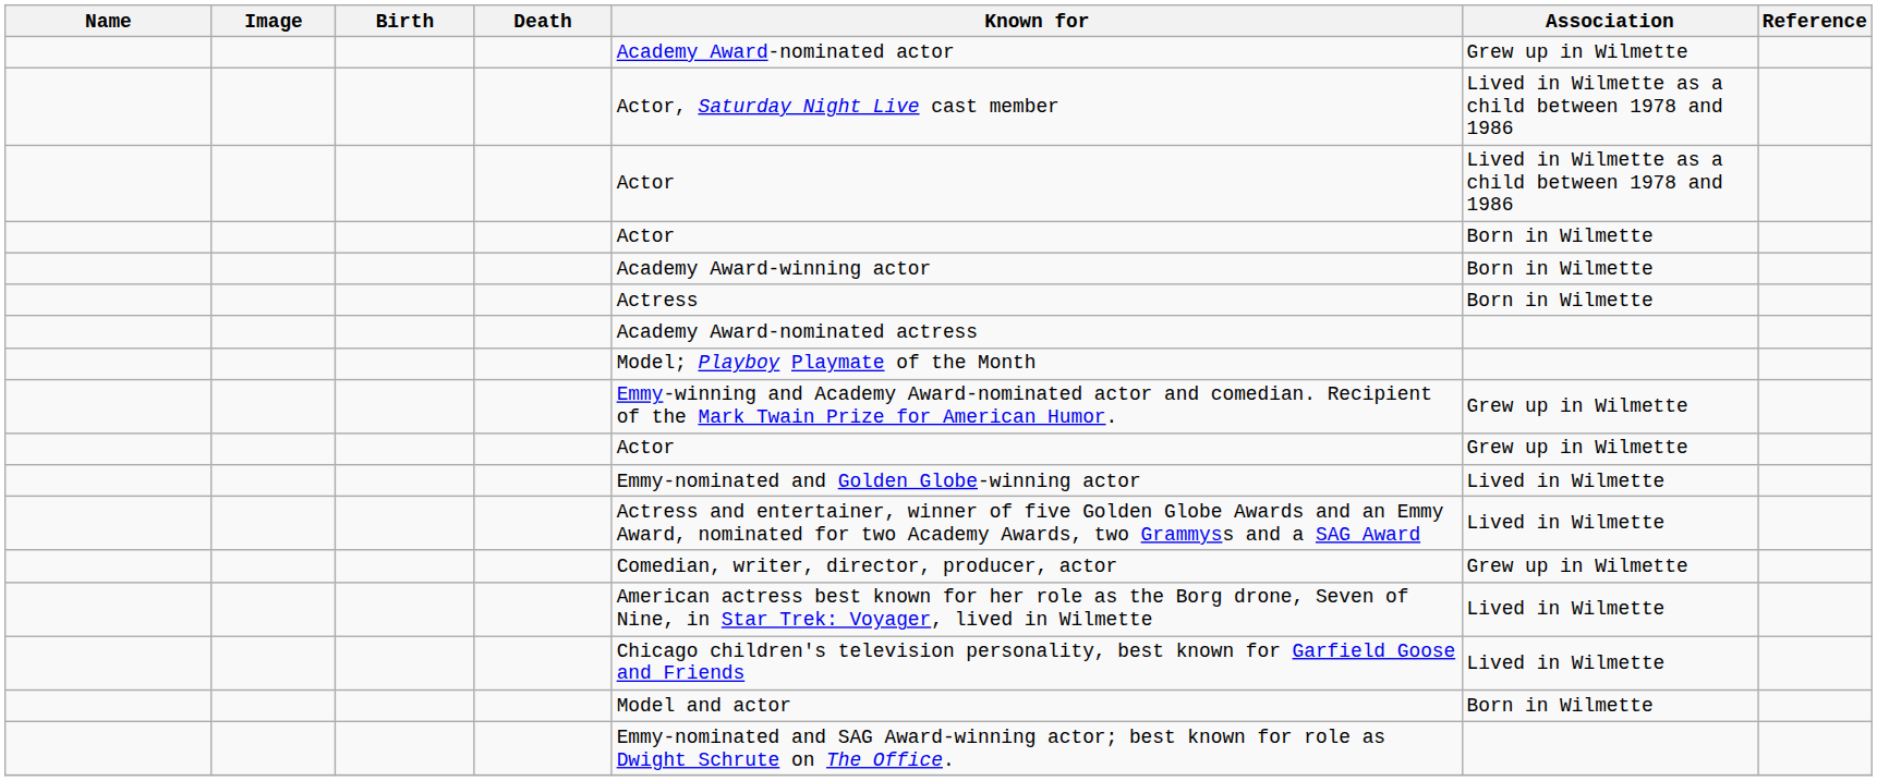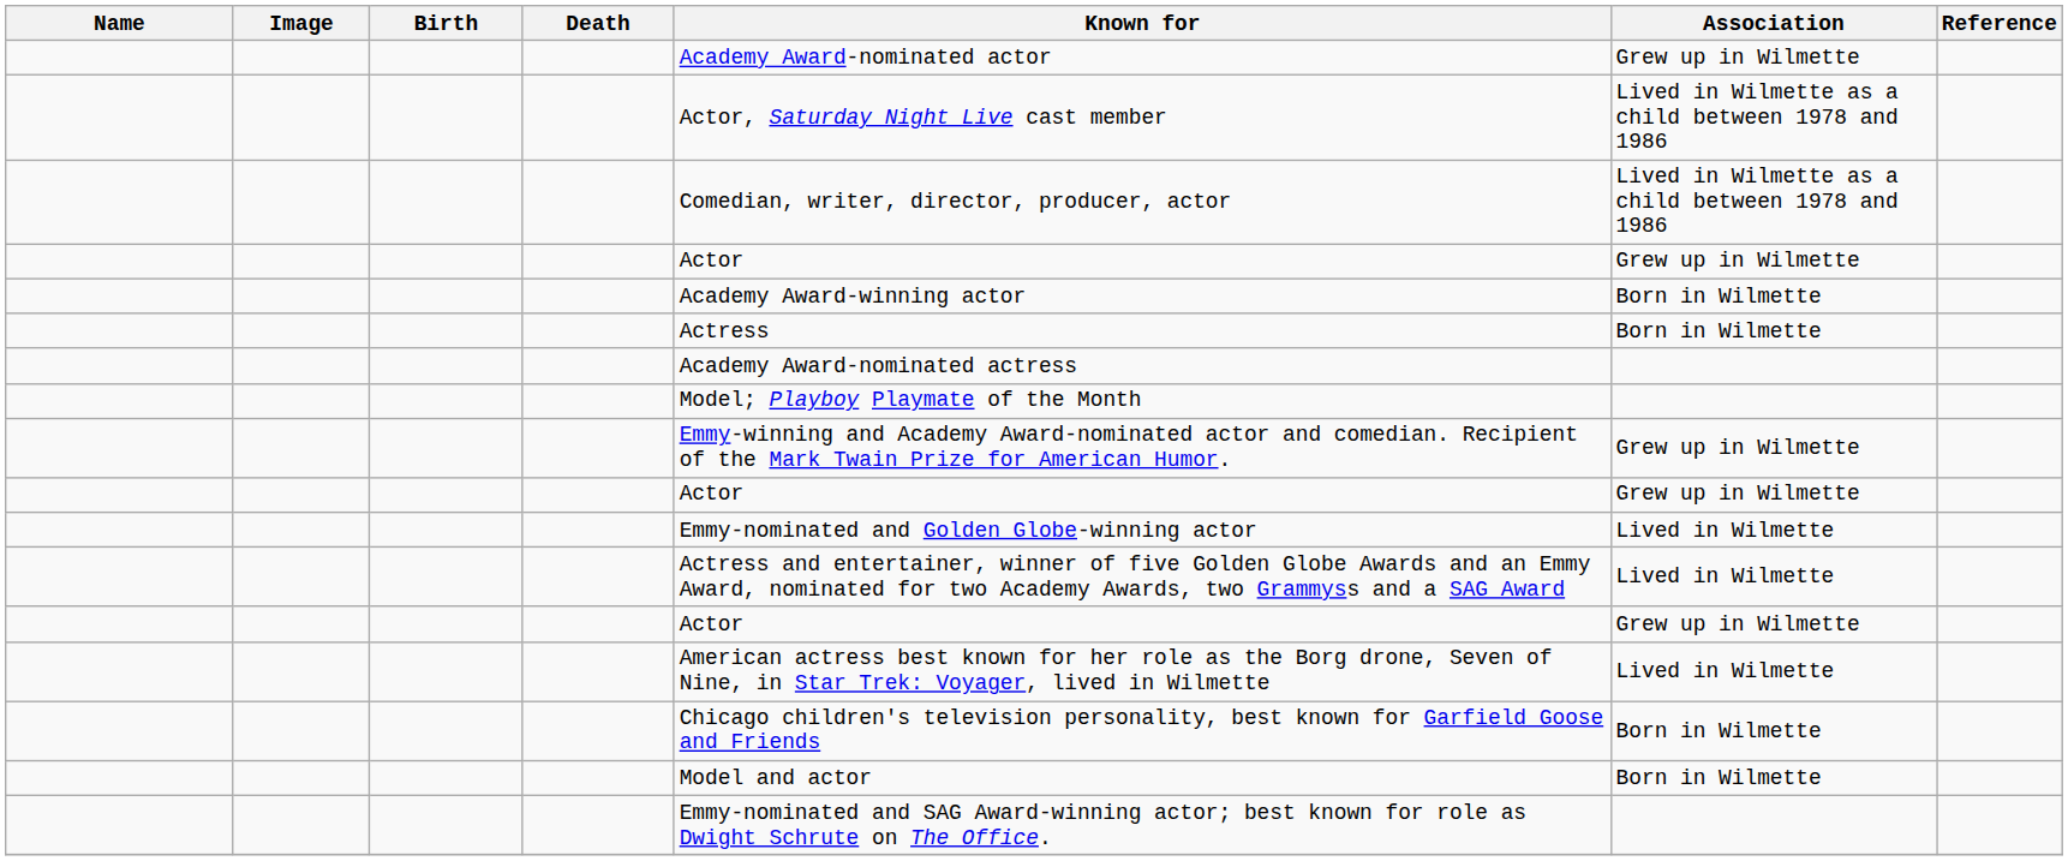 <table class="wikitable sortable">
 <tr>
 <th scope="col" width="140">Name</th>
 <th scope="col" width="80" class="unsortable">Image</th>
 <th scope="col" width="90">Birth</th>
 <th scope="col" width="90">Death</th>
 <th scope="col" width="600" class="unsortable">Known for</th>
 <th scope="col" width="200" class="unsortable">Association</th>
 <th scope="col" width="30" class="unsortable">Reference</th>
 </tr>
 <tr>
 <td></td>
 <td></td>
 <td align=right></td>
 <td align=right></td>
 <td><a href='#'>Academy Award</a>-nominated actor</td>
 <td>Grew up in Wilmette</td>
 <td align="center"></td>
 </tr>
 <tr>
 <td></td>
 <td></td>
 <td align=right></td>
 <td></td>
 <td>Actor, <em><a href='#'>Saturday Night Live</a></em> cast member</td>
 <td>Lived in Wilmette as a child between 1978 and 1986</td>
 <td align="center"></td>
 </tr>
 <tr>
 <td></td>
 <td></td>
 <td align=right></td>
 <td></td>
-<td>Actor</td>
+<td>Comedian, writer, director, producer, actor</td>
 <td>Lived in Wilmette as a child between 1978 and 1986</td>
 <td align="center"></td>
 </tr>
 <tr>
 <td></td>
 <td></td>
 <td align=right></td>
 <td></td>
 <td>Actor</td>
-<td>Born in Wilmette</td>
+<td>Grew up in Wilmette</td>
 <td align="center"></td>
 </tr>
 <tr>
 <td></td>
 <td></td>
 <td align=right></td>
 <td align=right></td>
 <td>Academy Award-winning actor</td>
 <td>Born in Wilmette</td>
 <td align="center"></td>
 </tr>
 <tr>
 <td></td>
 <td></td>
 <td align=right></td>
 <td></td>
 <td>Actress</td>
 <td>Born in Wilmette</td>
 <td align="center"></td>
 </tr>
 <tr>
 <td></td>
 <td></td>
 <td align=right></td>
 <td></td>
 <td>Academy Award-nominated actress</td>
 <td></td>
 <td align="center"></td>
 </tr>
 <tr>
 <td></td>
 <td></td>
 <td align=right></td>
 <td></td>
 <td>Model; <em><a href='#'>Playboy</a></em> <a href='#'>Playmate</a> of the Month</td>
 <td></td>
 <td align="center"></td>
 </tr>
 <tr>
 <td></td>
 <td></td>
 <td align=right></td>
 <td></td>
 <td><a href='#'>Emmy</a>-winning and Academy Award-nominated actor and comedian. Recipient of the <a href='#'>Mark Twain Prize for American Humor</a>.</td>
 <td>Grew up in Wilmette</td>
 <td align="center"></td>
 </tr>
 <tr>
 <td></td>
 <td></td>
 <td align=right></td>
 <td></td>
 <td>Actor</td>
 <td>Grew up in Wilmette</td>
 <td align="center"></td>
 </tr>
 <tr>
 <td></td>
 <td></td>
 <td align=right></td>
 <td align=right></td>
 <td>Emmy-nominated and <a href='#'>Golden Globe</a>-winning actor</td>
 <td>Lived in Wilmette</td>
 <td align="center"></td>
 </tr>
 <tr>
 <td></td>
 <td></td>
 <td align=right></td>
 <td></td>
 <td>Actress and entertainer, winner of five Golden Globe Awards and an Emmy Award, nominated for two Academy Awards, two <a href='#'>Grammys</a>s and a <a href='#'>SAG Award</a></td>
 <td>Lived in Wilmette</td>
 <td align="center"></td>
 </tr>
 <tr>
 <td></td>
 <td></td>
 <td align=right></td>
 <td></td>
-<td>Comedian, writer, director, producer, actor</td>
+<td>Actor</td>
 <td>Grew up in Wilmette</td>
 <td align=center></td>
 </tr>
 <tr>
 <td></td>
 <td></td>
 <td align=right></td>
 <td></td>
 <td>American actress best known for her role as the Borg drone, Seven of Nine, in <a href='#'>Star Trek: Voyager</a>, lived in Wilmette</td>
 <td>Lived in Wilmette</td>
 <td align="center"></td>
 </tr>
 <tr>
 <td></td>
 <td></td>
 <td align=right></td>
 <td align=right></td>
 <td>Chicago children's television personality, best known for <a href='#'>Garfield Goose and Friends</a></td>
-<td>Lived in Wilmette</td>
+<td>Born in Wilmette</td>
 <td align="center"></td>
 </tr>
 <tr>
 <td></td>
 <td></td>
 <td align=right></td>
 <td></td>
 <td>Model and actor</td>
 <td>Born in Wilmette</td>
 <td align="center"></td>
 </tr>
 <tr>
 <td></td>
 <td></td>
 <td align=right></td>
 <td></td>
 <td>Emmy-nominated and SAG Award-winning actor; best known for role as <a href='#'>Dwight Schrute</a> on <em><a href='#'>The Office</a></em>.</td>
 <td></td>
 <td align="center"></td>
 </tr>
 <tr>
 </tr>
 </table>
